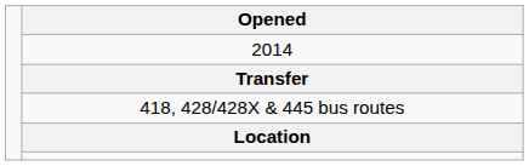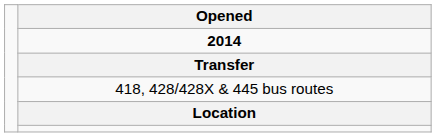 <table class=wikitable style="text-align: center; width: 450px; float:right">
 <tr>
 <td rowspan='6'></td>
 <th>Opened</th>
 </tr>
 <tr>
-<td>2014</td>
+<td><strong>2014</strong></td>
 </tr>
 <tr>
 <th>Transfer</th>
 </tr>
 <tr>
 <td>418, 428/428X & 445 bus routes</td>
 </tr>
 <tr>
 <th>Location</th>
 </tr>
 <tr>
 <td></td>
 </tr>
 </table>
